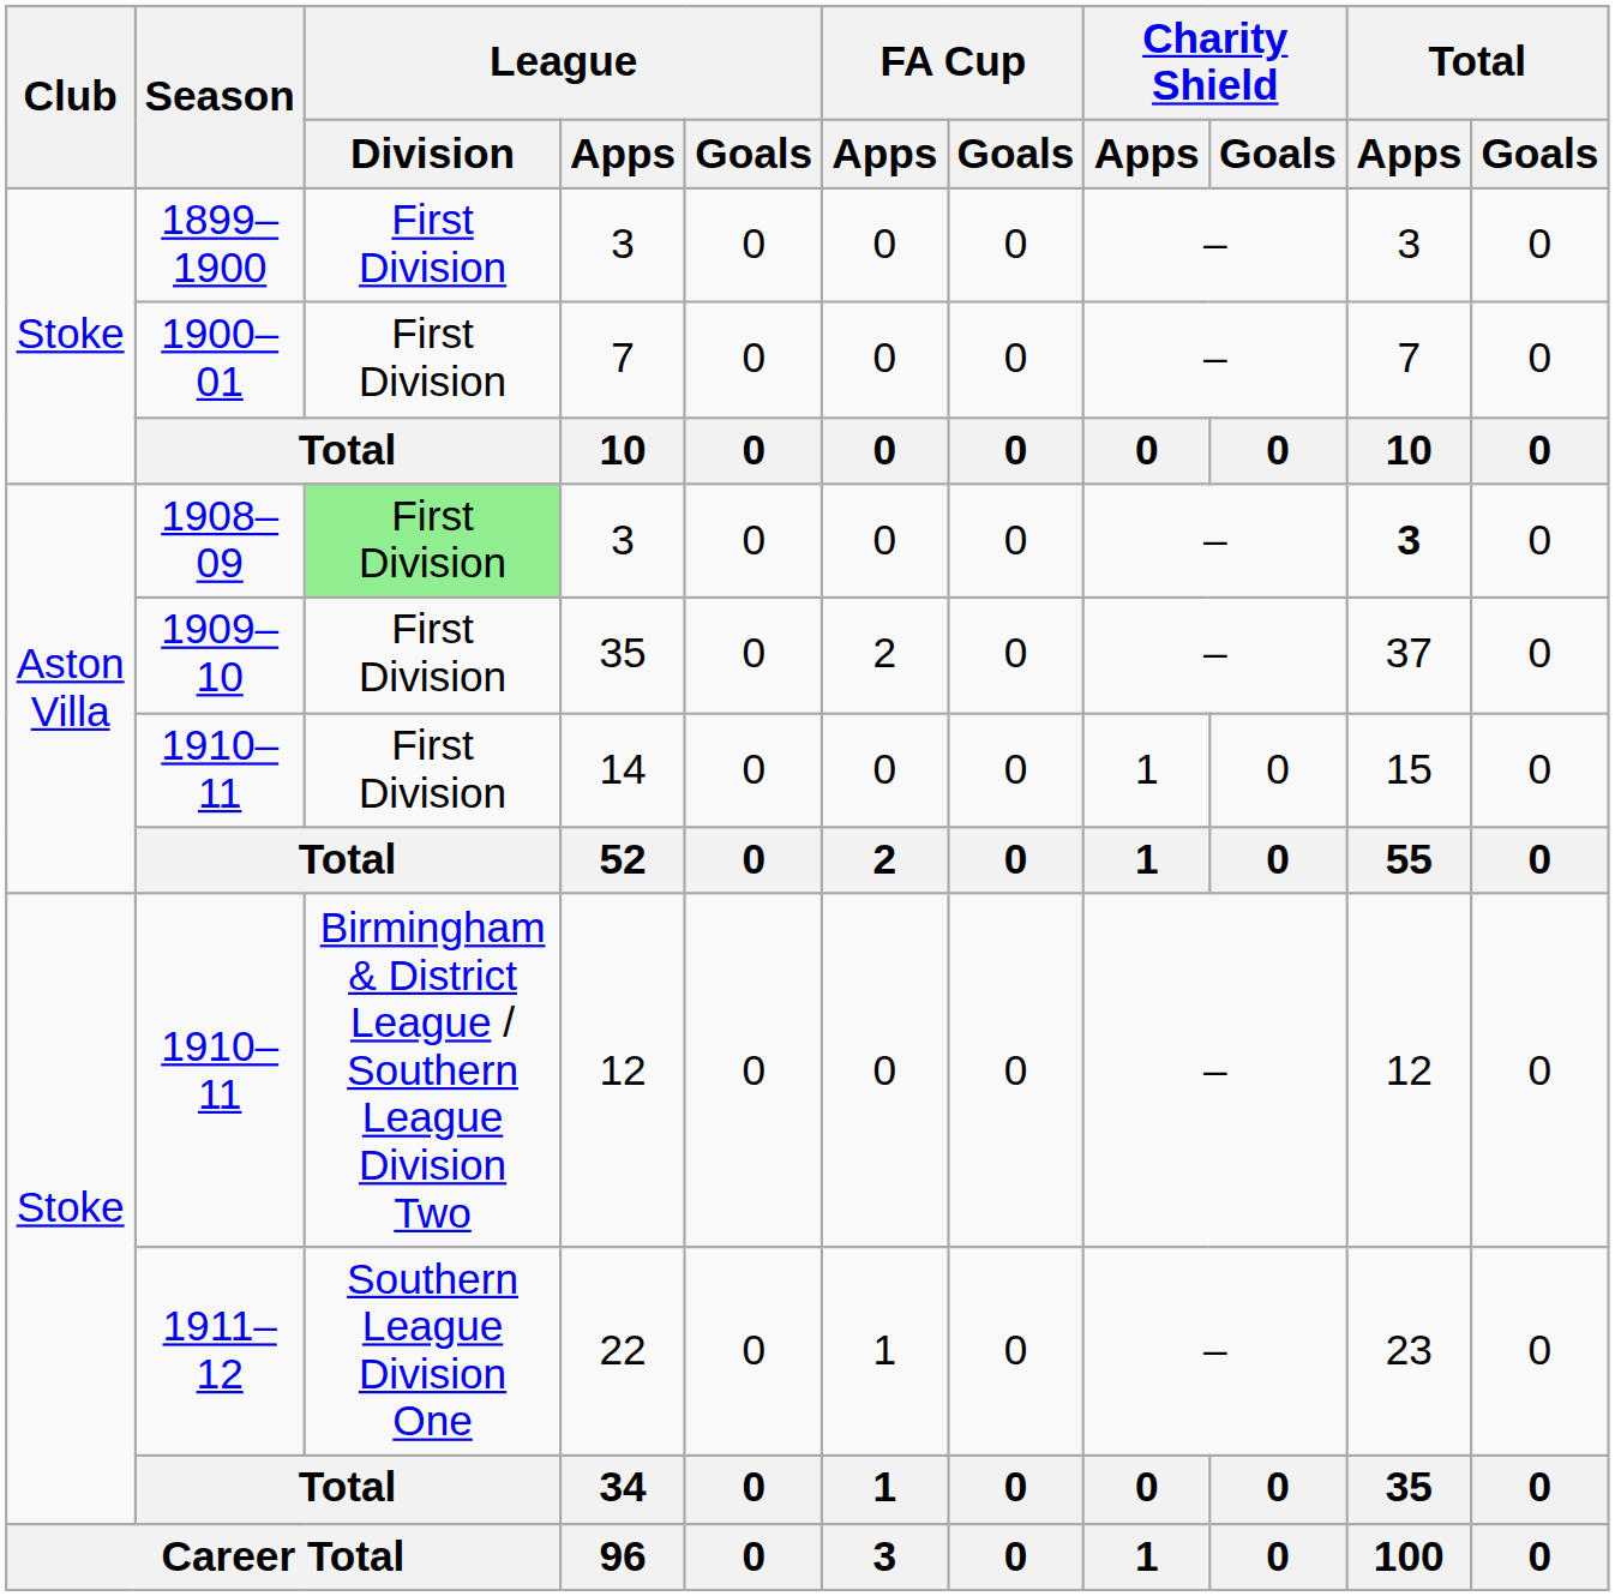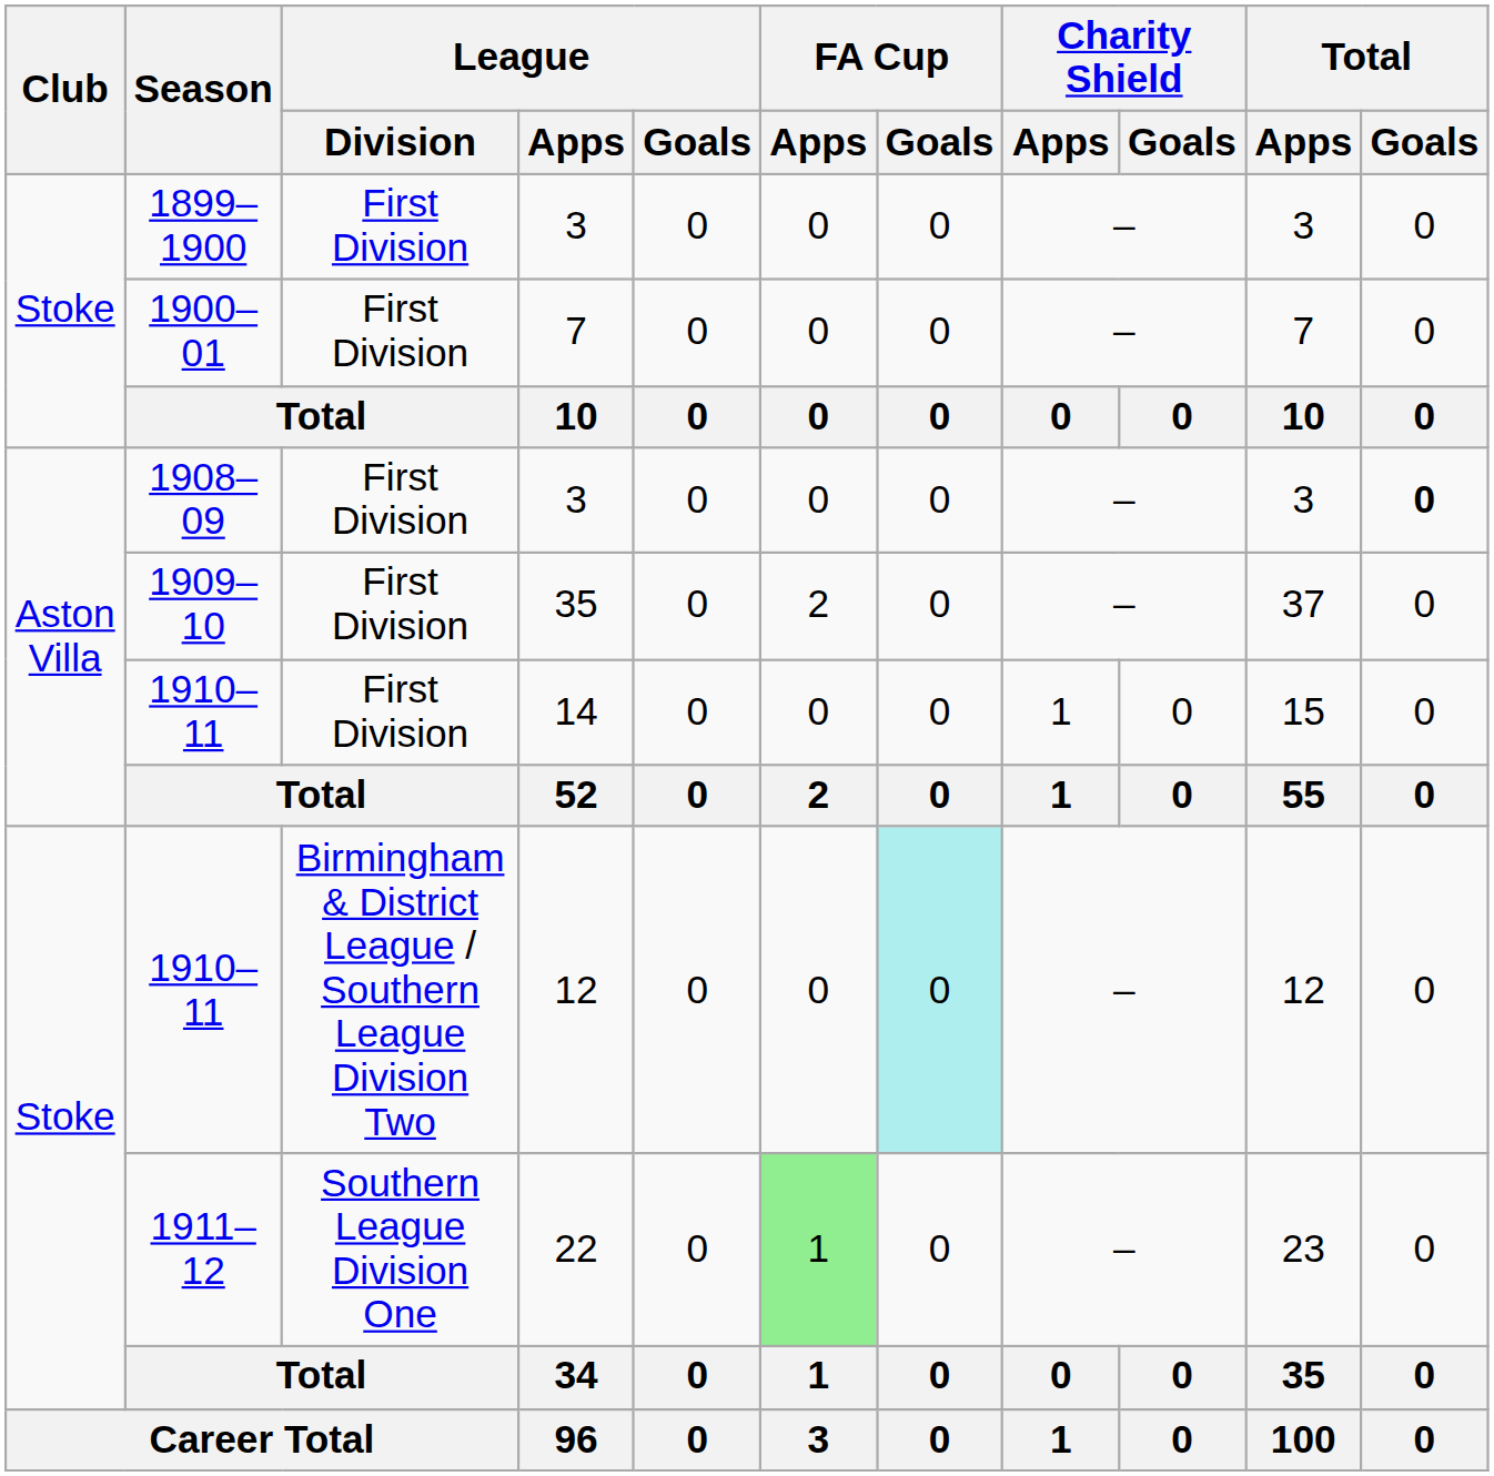 <table class="wikitable" style="text-align: center;">
 <tr>
 <th rowspan="2">Club</th>
 <th rowspan="2">Season</th>
 <th colspan="3">League</th>
 <th colspan="2">FA Cup</th>
 <th colspan="2"><a href='#'>Charity Shield</a></th>
 <th colspan="2">Total</th>
 </tr>
 <tr>
 <th>Division</th>
 <th>Apps</th>
 <th>Goals</th>
 <th>Apps</th>
 <th>Goals</th>
 <th>Apps</th>
 <th>Goals</th>
 <th>Apps</th>
 <th>Goals</th>
 </tr>
 <tr>
 <td rowspan="3"><a href='#'>Stoke</a></td>
 <td><a href='#'>1899–1900</a></td>
 <td><a href='#'>First Division</a></td>
 <td>3</td>
 <td>0</td>
 <td>0</td>
 <td>0</td>
 <td colspan="2">–</td>
 <td>3</td>
 <td>0</td>
 </tr>
 <tr>
 <td><a href='#'>1900–01</a></td>
 <td>First Division</td>
 <td>7</td>
 <td>0</td>
 <td>0</td>
 <td>0</td>
 <td colspan="2">–</td>
 <td>7</td>
 <td>0</td>
 </tr>
 <tr>
 <th colspan=2>Total</th>
 <th>10</th>
 <th>0</th>
 <th>0</th>
 <th>0</th>
 <th>0</th>
 <th>0</th>
 <th>10</th>
 <th>0</th>
 </tr>
 <tr>
 <td rowspan="4"><a href='#'>Aston Villa</a></td>
 <td><a href='#'>1908–09</a></td>
-<td style="background: lightgreen;">First Division</td>
+<td>First Division</td>
 <td>3</td>
 <td>0</td>
 <td>0</td>
 <td>0</td>
 <td colspan="2">–</td>
-<td><strong>3</strong></td>
-<td>0</td>
+<td>3</td>
+<td><strong>0</strong></td>
 </tr>
 <tr>
 <td><a href='#'>1909–10</a></td>
 <td>First Division</td>
 <td>35</td>
 <td>0</td>
 <td>2</td>
 <td>0</td>
 <td colspan="2">–</td>
 <td>37</td>
 <td>0</td>
 </tr>
 <tr>
 <td><a href='#'>1910–11</a></td>
 <td>First Division</td>
 <td>14</td>
 <td>0</td>
 <td>0</td>
 <td>0</td>
 <td>1</td>
 <td>0</td>
 <td>15</td>
 <td>0</td>
 </tr>
 <tr>
 <th colspan=2>Total</th>
 <th>52</th>
 <th>0</th>
 <th>2</th>
 <th>0</th>
 <th>1</th>
 <th>0</th>
 <th>55</th>
 <th>0</th>
 </tr>
 <tr>
 <td rowspan="3"><a href='#'>Stoke</a></td>
 <td><a href='#'>1910–11</a></td>
 <td><a href='#'>Birmingham & District League</a> / <a href='#'>Southern League Division Two</a></td>
 <td>12</td>
 <td>0</td>
 <td>0</td>
-<td>0</td>
+<td style="background: paleturquoise;">0</td>
 <td colspan="2">–</td>
 <td>12</td>
 <td>0</td>
 </tr>
 <tr>
 <td><a href='#'>1911–12</a></td>
 <td><a href='#'>Southern League Division One</a></td>
 <td>22</td>
 <td>0</td>
-<td>1</td>
+<td style="background: lightgreen;">1</td>
 <td>0</td>
 <td colspan="2">–</td>
 <td>23</td>
 <td>0</td>
 </tr>
 <tr>
 <th colspan=2>Total</th>
 <th>34</th>
 <th>0</th>
 <th>1</th>
 <th>0</th>
 <th>0</th>
 <th>0</th>
 <th>35</th>
 <th>0</th>
 </tr>
 <tr>
 <th colspan="3">Career Total</th>
 <th>96</th>
 <th>0</th>
 <th>3</th>
 <th>0</th>
 <th>1</th>
 <th>0</th>
 <th>100</th>
 <th>0</th>
 </tr>
 </table>
